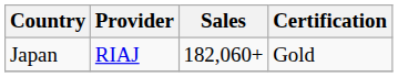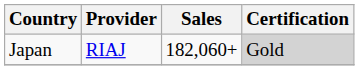 <table class="wikitable" border="1">
 <tr>
 <th>Country</th>
 <th>Provider</th>
 <th>Sales</th>
 <th>Certification</th>
 </tr>
 <tr>
 <td>Japan</td>
 <td><a href='#'>RIAJ</a></td>
 <td>182,060+</td>
-<td>Gold</td>
+<td style="background: lightgrey;">Gold</td>
 </tr>
 <tr>
 </tr>
 </table>
